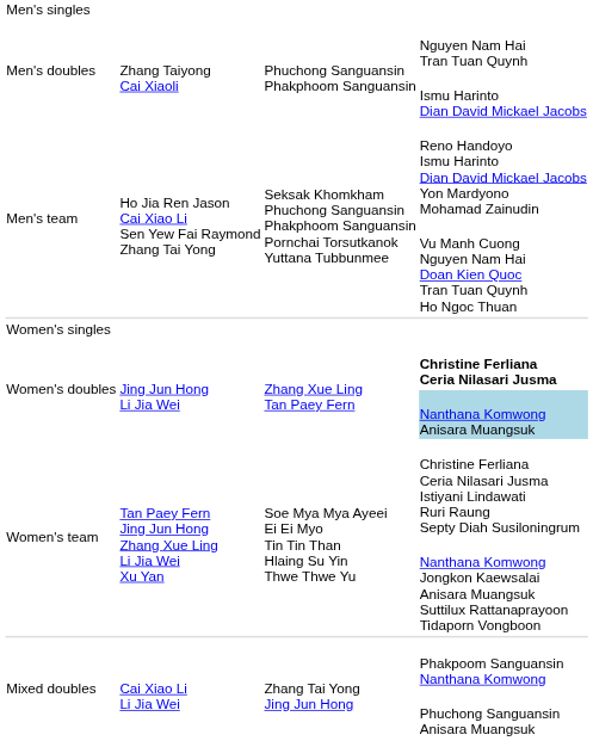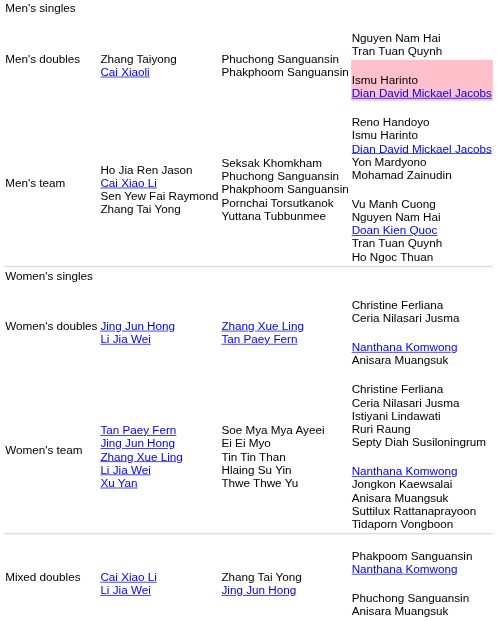 <table>
 <tr>
 <td rowspan=2>Men's singles<br></td>
 <td rowspan=2></td>
 <td rowspan=2></td>
 <td></td>
 </tr>
 <tr>
 <td></td>
 </tr>
 <tr>
 <td rowspan=2>Men's doubles<br></td>
 <td rowspan=2><br>Zhang Taiyong<br><a href='#'>Cai Xiaoli</a></td>
 <td rowspan=2><br>Phuchong Sanguansin<br>Phakphoom Sanguansin</td>
 <td><br>Nguyen Nam Hai<br>Tran Tuan Quynh</td>
 </tr>
 <tr>
-<td><br>Ismu Harinto<br><a href='#'>Dian David Mickael Jacobs</a></td>
+<td style="background: pink;"><br>Ismu Harinto<br><a href='#'>Dian David Mickael Jacobs</a></td>
 </tr>
 <tr>
 <td rowspan=2>Men's team<br></td>
 <td rowspan=2><br>Ho Jia Ren Jason<br><a href='#'>Cai Xiao Li</a><br>Sen Yew Fai Raymond<br>Zhang Tai Yong</td>
 <td rowspan=2><br>Seksak Khomkham<br>Phuchong Sanguansin<br>Phakphoom Sanguansin<br>Pornchai Torsutkanok<br>Yuttana Tubbunmee</td>
 <td><br>Reno Handoyo<br>Ismu Harinto<br><a href='#'>Dian David Mickael Jacobs</a><br>Yon Mardyono<br>Mohamad Zainudin</td>
 </tr>
 <tr>
 <td><br>Vu Manh Cuong<br>Nguyen Nam Hai<br><a href='#'>Doan Kien Quoc</a><br>Tran Tuan Quynh<br>Ho Ngoc Thuan</td>
 </tr>
 <tr>
 <td colspan="7" style="background-color:#dddddd;"></td>
 </tr>
 <tr>
 <td rowspan=2>Women's singles<br></td>
 <td rowspan=2></td>
 <td rowspan=2></td>
 <td></td>
 </tr>
 <tr>
 <td></td>
 </tr>
 <tr>
 <td rowspan=2>Women's doubles<br></td>
 <td rowspan=2><br><a href='#'>Jing Jun Hong</a><br><a href='#'>Li Jia Wei</a></td>
 <td rowspan=2><br><a href='#'>Zhang Xue Ling</a><br><a href='#'>Tan Paey Fern</a></td>
-<td><strong><br>Christine Ferliana<br>Ceria Nilasari Jusma</strong></td>
+<td><br>Christine Ferliana<br>Ceria Nilasari Jusma</td>
 </tr>
 <tr>
-<td style="background: lightblue;"><br><a href='#'>Nanthana Komwong</a><br>Anisara Muangsuk</td>
+<td><br><a href='#'>Nanthana Komwong</a><br>Anisara Muangsuk</td>
 </tr>
 <tr>
 <td rowspan=2>Women's team<br></td>
 <td rowspan=2><br><a href='#'>Tan Paey Fern</a><br><a href='#'>Jing Jun Hong</a><br><a href='#'>Zhang Xue Ling</a><br><a href='#'>Li Jia Wei</a><br><a href='#'>Xu Yan</a></td>
 <td rowspan=2><br>Soe Mya Mya Ayeei<br>Ei Ei Myo<br>Tin Tin Than<br>Hlaing Su Yin<br>Thwe Thwe Yu</td>
 <td><br>Christine Ferliana<br>Ceria Nilasari Jusma<br>Istiyani Lindawati<br>Ruri Raung<br>Septy Diah Susiloningrum</td>
 </tr>
 <tr>
 <td><br><a href='#'>Nanthana Komwong</a><br>Jongkon Kaewsalai<br>Anisara Muangsuk<br>Suttilux Rattanaprayoon<br>Tidaporn Vongboon</td>
 </tr>
 <tr>
 <td colspan="7" style="background-color:#dddddd;"></td>
 </tr>
 <tr>
 <td rowspan=2>Mixed doubles<br></td>
 <td rowspan=2><br><a href='#'>Cai Xiao Li</a><br><a href='#'>Li Jia Wei</a></td>
 <td rowspan=2><br>Zhang Tai Yong<br><a href='#'>Jing Jun Hong</a></td>
 <td><br>Phakpoom Sanguansin<br><a href='#'>Nanthana Komwong</a></td>
 </tr>
 <tr>
 <td><br>Phuchong Sanguansin<br>Anisara Muangsuk</td>
 </tr>
 <tr>
 </tr>
 </table>
